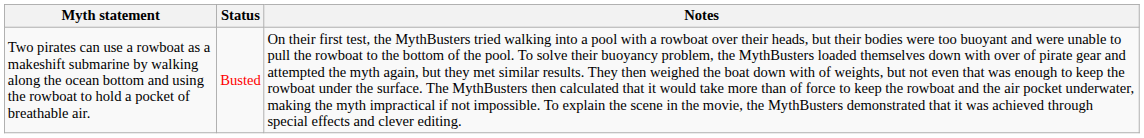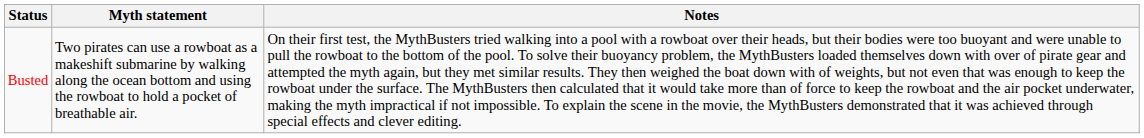 <table class="wikitable plainrowheaders">
 <tr>
+<th>Status</th>
 <th>Myth statement</th>
-<th>Status</th>
 <th>Notes</th>
 </tr>
 <tr>
+<td style="color:Red">Busted</td>
 <td>Two pirates can use a rowboat as a makeshift submarine by walking along the ocean bottom and using the rowboat to hold a pocket of breathable air.</td>
-<td style="color:Red">Busted</td>
 <td>On their first test, the MythBusters tried walking into a pool with a rowboat over their heads, but their bodies were too buoyant and were unable to pull the rowboat to the bottom of the pool. To solve their buoyancy problem, the MythBusters loaded themselves down with over  of pirate gear and attempted the myth again, but they met similar results. They then weighed the boat down with  of weights, but not even that was enough to keep the rowboat under the surface. The MythBusters then calculated that it would take more than  of force to keep the rowboat and the air pocket underwater, making the myth impractical if not impossible. To explain the scene in the movie, the MythBusters demonstrated that it was achieved through special effects and clever editing.</td>
 </tr>
 </table>
